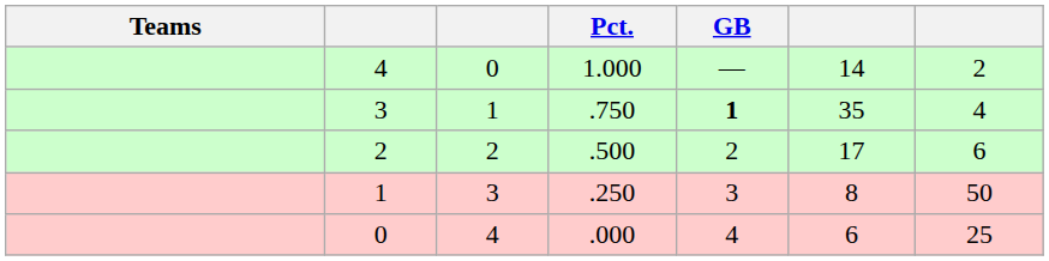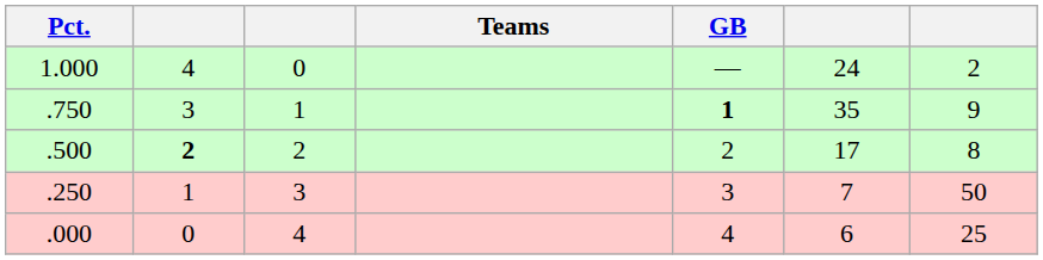 <table class="wikitable" width="50%" style="text-align:center;">
 <tr>
-<th width="20%">Teams</th>
+<th width="8%"><a href='#'>Pct.</a></th>
 <th width="7%"></th>
 <th width="7%"></th>
-<th width="8%"><a href='#'>Pct.</a></th>
+<th width="20%">Teams</th>
 <th width="7%"><a href='#'>GB</a></th>
 <th width="8%"></th>
 <th width="8%"></th>
 </tr>
 <tr bgcolor=ccffcc>
-<td align=left></td>
+<td>1.000</td>
 <td>4</td>
 <td>0</td>
-<td>1.000</td>
+<td align=left></td>
 <td>—</td>
-<td>14</td>
+<td>24</td>
 <td>2</td>
 </tr>
 <tr bgcolor=ccffcc>
+<td>.750</td>
+<td>3</td>
+<td>1</td>
+<td align=left></td>
+<td><strong>1</strong></td>
+<td>35</td>
+<td>9</td>
+</tr>
+<tr bgcolor=ccffcc>
+<td>.500</td>
+<td><strong>2</strong></td>
+<td>2</td>
+<td align=left></td>
+<td>2</td>
+<td>17</td>
+<td>8</td>
+</tr>
+<tr bgcolor=ffcccc>
+<td>.250</td>
+<td>1</td>
+<td>3</td>
 <td align=left></td>
 <td>3</td>
-<td>1</td>
-<td>.750</td>
-<td><strong>1</strong></td>
-<td>35</td>
-<td>4</td>
-</tr>
-<tr bgcolor=ccffcc>
-<td align=left></td>
-<td>2</td>
-<td>2</td>
-<td>.500</td>
-<td>2</td>
-<td>17</td>
-<td>6</td>
-</tr>
-<tr bgcolor=ffcccc>
-<td align=left></td>
-<td>1</td>
-<td>3</td>
-<td>.250</td>
-<td>3</td>
-<td>8</td>
+<td>7</td>
 <td>50</td>
 </tr>
 <tr bgcolor=ffcccc>
-<td align=left></td>
+<td>.000</td>
 <td>0</td>
 <td>4</td>
-<td>.000</td>
+<td align=left></td>
 <td>4</td>
 <td>6</td>
 <td>25</td>
 </tr>
 </table>
